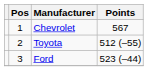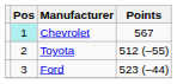 <table class="wikitable" style="font-size: 95%;">
 <tr>
 <th></th>
 <th>Pos</th>
 <th>Manufacturer</th>
 <th>Points</th>
 </tr>
 <tr>
 <td align="left"></td>
-<td style="text-align:center;">1</td>
+<td style="background: paleturquoise; text-align:center;">1</td>
 <td><a href='#'>Chevrolet</a></td>
 <td style="text-align:center;">567</td>
 </tr>
 <tr>
 <td align="left"></td>
 <td style="text-align:center;">2</td>
 <td><a href='#'>Toyota</a></td>
 <td style="text-align:center;">512 (–55)</td>
 </tr>
 <tr>
 <td align="left"></td>
 <td style="text-align:center;">3</td>
 <td><a href='#'>Ford</a></td>
 <td style="text-align:center;">523 (–44)</td>
 </tr>
 <tr class="sortbottom">
 </tr>
 </table>
